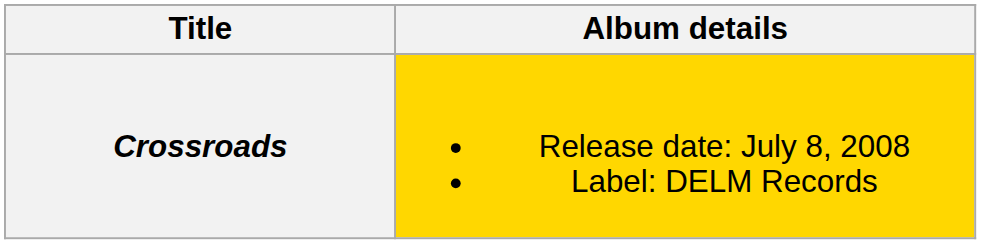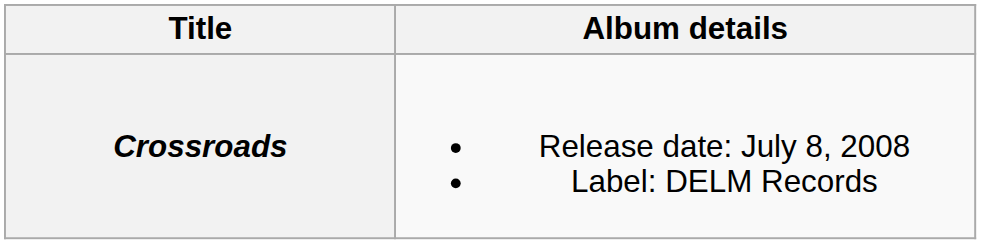 <table class="wikitable plainrowheaders" style="text-align:center;">
 <tr>
 <th style="width:12em;">Title</th>
 <th style="width:18em;">Album details</th>
 </tr>
 <tr>
 <th scope="row"><em>Crossroads</em></th>
-<td style="background: gold;"><br><ul><li>Release date: July 8, 2008</li><li>Label: DELM Records</li></ul></td>
+<td><br><ul><li>Release date: July 8, 2008</li><li>Label: DELM Records</li></ul></td>
 </tr>
 </table>
